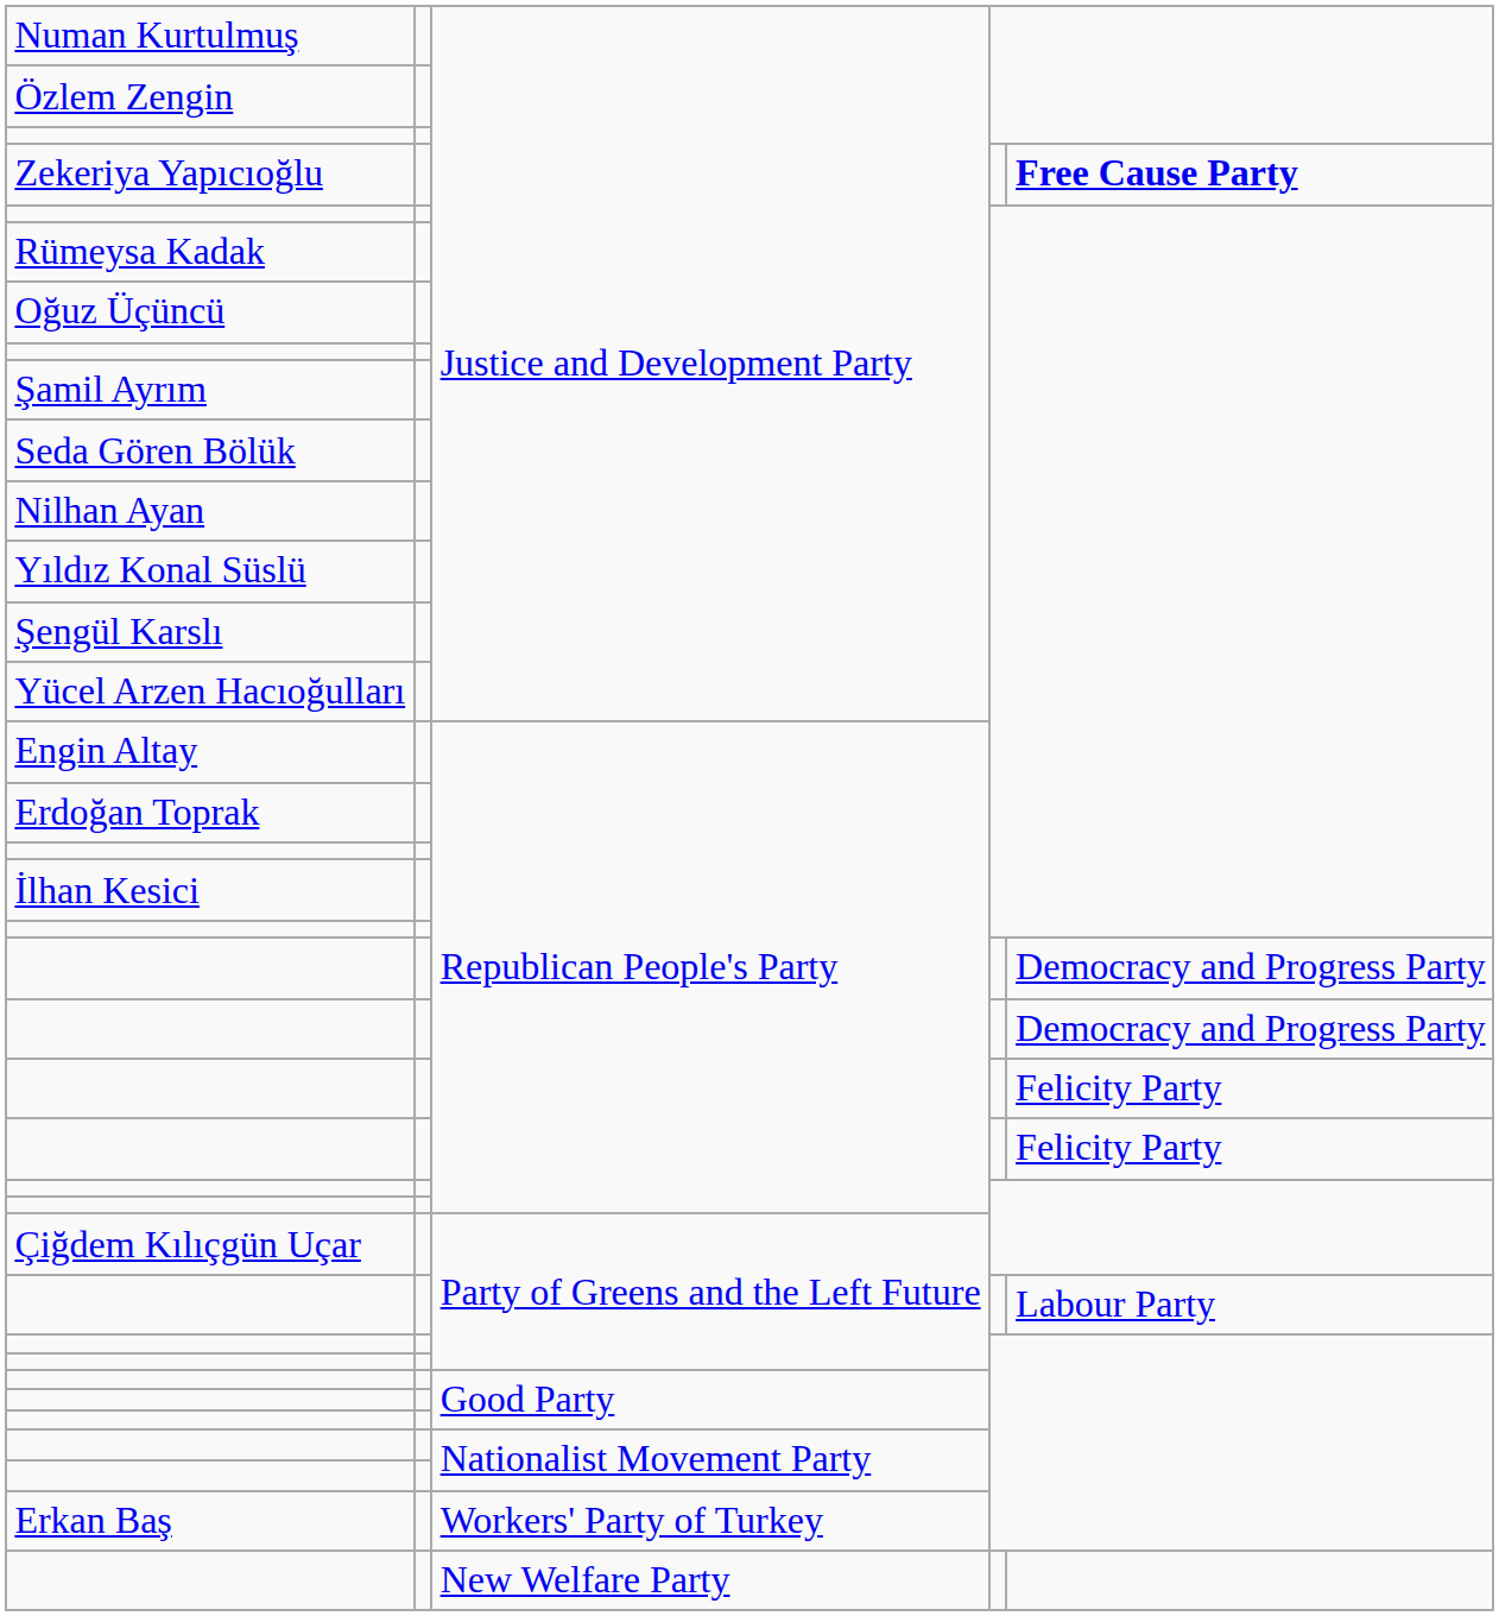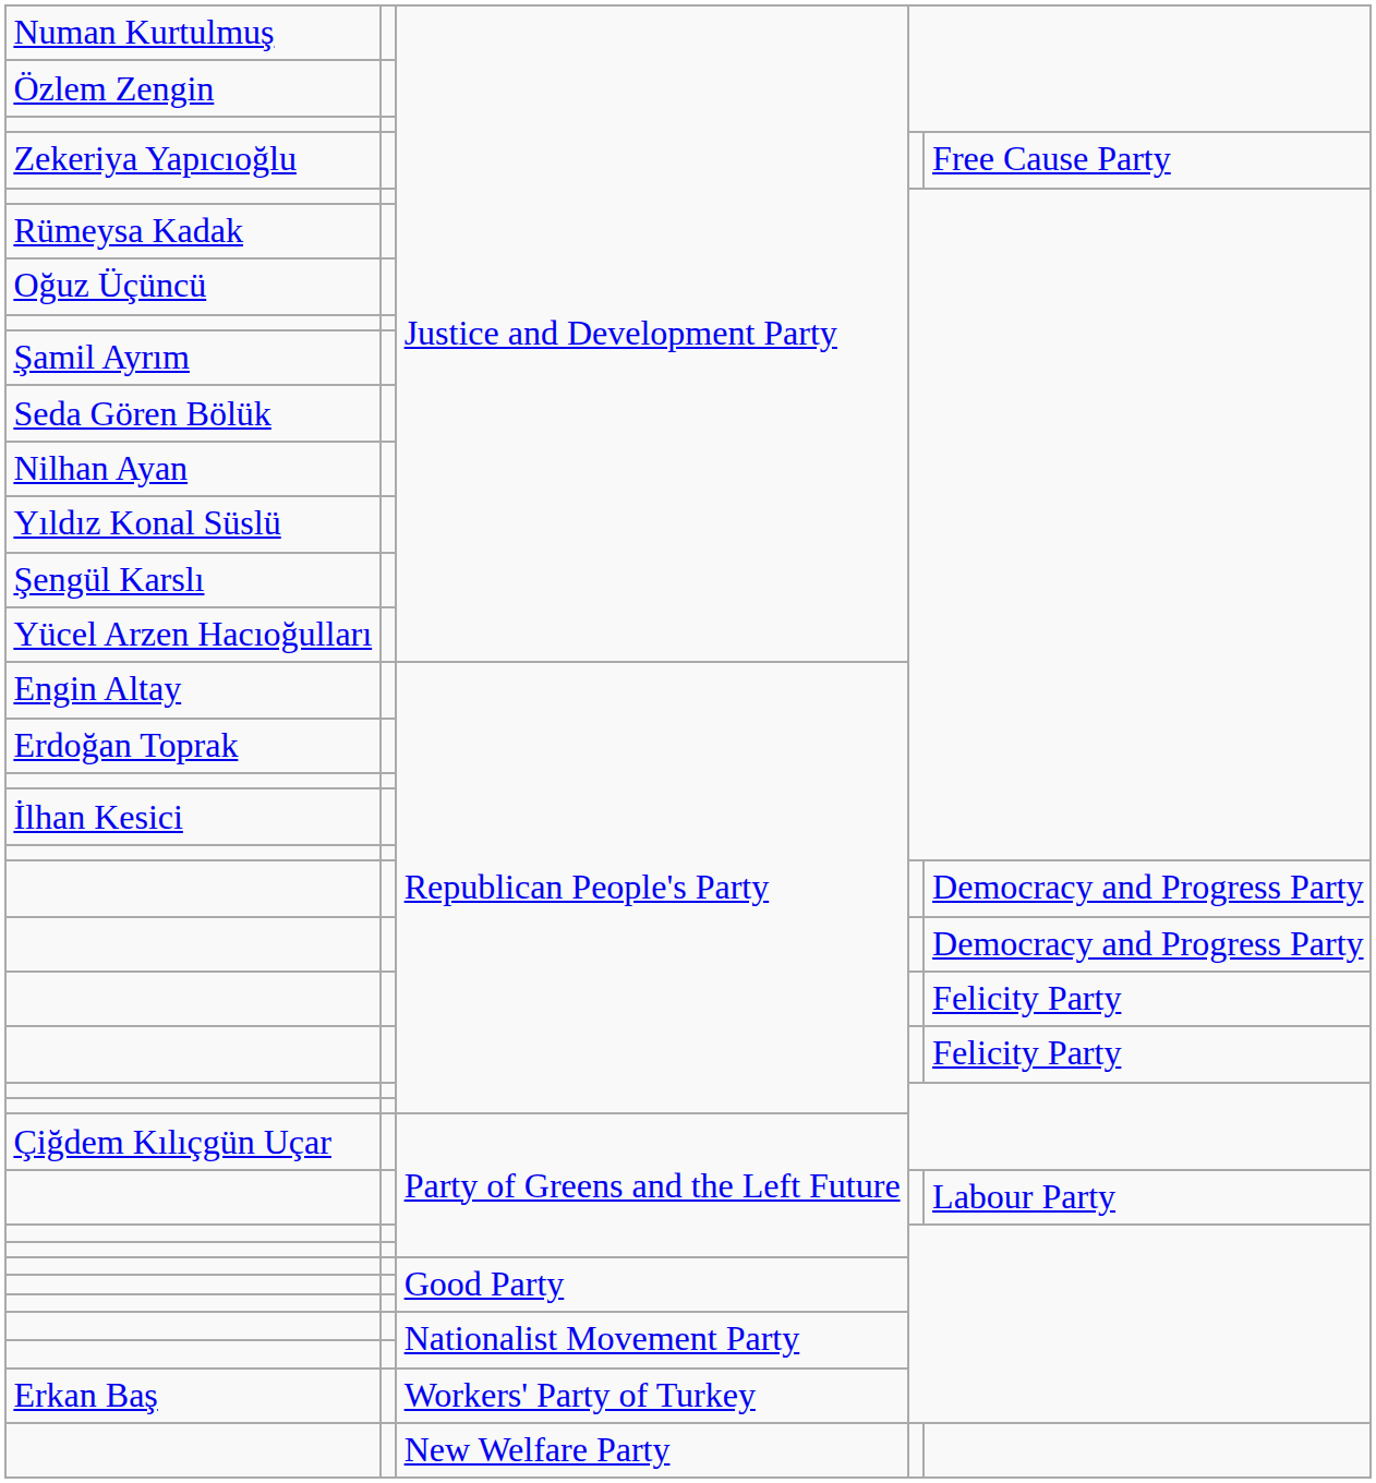 <table class="wikitable sortable">
 <tr>
 <td><a href='#'>Numan Kurtulmuş</a></td>
 <td style="background:"></td>
 <td rowspan="14"><a href='#'>Justice and Development Party</a></td>
 </tr>
 <tr>
 <td><a href='#'>Özlem Zengin</a></td>
 <td style="background:"></td>
 </tr>
 <tr>
 <td></td>
 <td style="background:"></td>
 </tr>
 <tr>
 <td><a href='#'>Zekeriya Yapıcıoğlu</a></td>
 <td style="background:"></td>
 <td style="background:"></td>
-<td><strong><a href='#'>Free Cause Party</a></strong></td>
+<td><a href='#'>Free Cause Party</a></td>
 </tr>
 <tr>
 <td></td>
 <td style="background:"></td>
 </tr>
 <tr>
 <td><a href='#'>Rümeysa Kadak</a></td>
 <td style="background:"></td>
 </tr>
 <tr>
 <td><a href='#'>Oğuz Üçüncü</a></td>
 <td style="background:"></td>
 </tr>
 <tr>
 <td></td>
 <td style="background:"></td>
 </tr>
 <tr>
 <td><a href='#'>Şamil Ayrım</a></td>
 <td style="background:"></td>
 </tr>
 <tr>
 <td><a href='#'>Seda Gören Bölük</a></td>
 <td style="background:"></td>
 </tr>
 <tr>
 <td><a href='#'>Nilhan Ayan</a></td>
 <td style="background:"></td>
 </tr>
 <tr>
 <td><a href='#'>Yıldız Konal Süslü</a></td>
 <td style="background:"></td>
 </tr>
 <tr>
 <td><a href='#'>Şengül Karslı</a></td>
 <td style="background:"></td>
 </tr>
 <tr>
 <td><a href='#'>Yücel Arzen Hacıoğulları</a></td>
 <td style="background:"></td>
 </tr>
 <tr>
 <td><a href='#'>Engin Altay</a></td>
 <td style="background:"></td>
 <td rowspan="11"><a href='#'>Republican People's Party</a></td>
 </tr>
 <tr>
 <td><a href='#'>Erdoğan Toprak</a></td>
 <td style="background:"></td>
 </tr>
 <tr>
 <td></td>
 <td style="background:"></td>
 </tr>
 <tr>
 <td><a href='#'>İlhan Kesici</a></td>
 <td style="background:"></td>
 </tr>
 <tr>
 <td></td>
 <td style="background:"></td>
 </tr>
 <tr>
 <td></td>
 <td style="background:"></td>
 <td style="background:"></td>
 <td><a href='#'>Democracy and Progress Party</a></td>
 </tr>
 <tr>
 <td></td>
 <td style="background:"></td>
 <td style="background:"></td>
 <td><a href='#'>Democracy and Progress Party</a></td>
 </tr>
 <tr>
 <td></td>
 <td style="background:"></td>
 <td style="background:"></td>
 <td><a href='#'>Felicity Party</a></td>
 </tr>
 <tr>
 <td></td>
 <td style="background:"></td>
 <td style="background:"></td>
 <td><a href='#'>Felicity Party</a></td>
 </tr>
 <tr>
 <td></td>
 <td style="background:"></td>
 </tr>
 <tr>
 <td></td>
 <td style="background:"></td>
 </tr>
 <tr>
 <td><a href='#'>Çiğdem Kılıçgün Uçar</a></td>
 <td style="background:"></td>
 <td rowspan="4"><a href='#'>Party of Greens and the Left Future</a></td>
 </tr>
 <tr>
 <td></td>
 <td style="background:"></td>
 <td style="background:"></td>
 <td><a href='#'>Labour Party</a></td>
 </tr>
 <tr>
 <td></td>
 <td style="background:"></td>
 </tr>
 <tr>
 <td></td>
 <td style="background:"></td>
 </tr>
 <tr>
 <td></td>
 <td style="background:"></td>
 <td rowspan="3"><a href='#'>Good Party</a></td>
 </tr>
 <tr>
 <td></td>
 <td style="background:"></td>
 </tr>
 <tr>
 <td></td>
 <td style="background:"></td>
 </tr>
 <tr>
 <td></td>
 <td style="background:"></td>
 <td rowspan="2"><a href='#'>Nationalist Movement Party</a></td>
 </tr>
 <tr>
 <td></td>
 <td style="background:"></td>
 </tr>
 <tr>
 <td><a href='#'>Erkan Baş</a></td>
 <td style="background:"></td>
 <td><a href='#'>Workers' Party of Turkey</a></td>
 </tr>
 <tr>
 <td></td>
 <td style="background:"></td>
 <td><a href='#'>New Welfare Party</a></td>
 <td></td>
 <td></td>
 </tr>
 </table>
